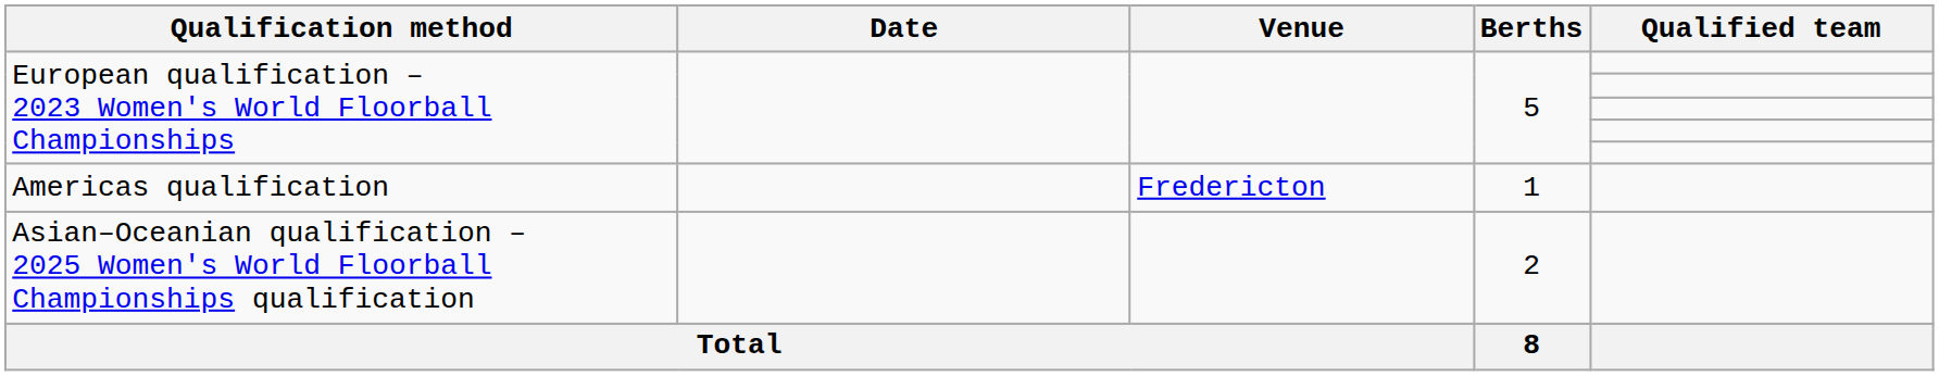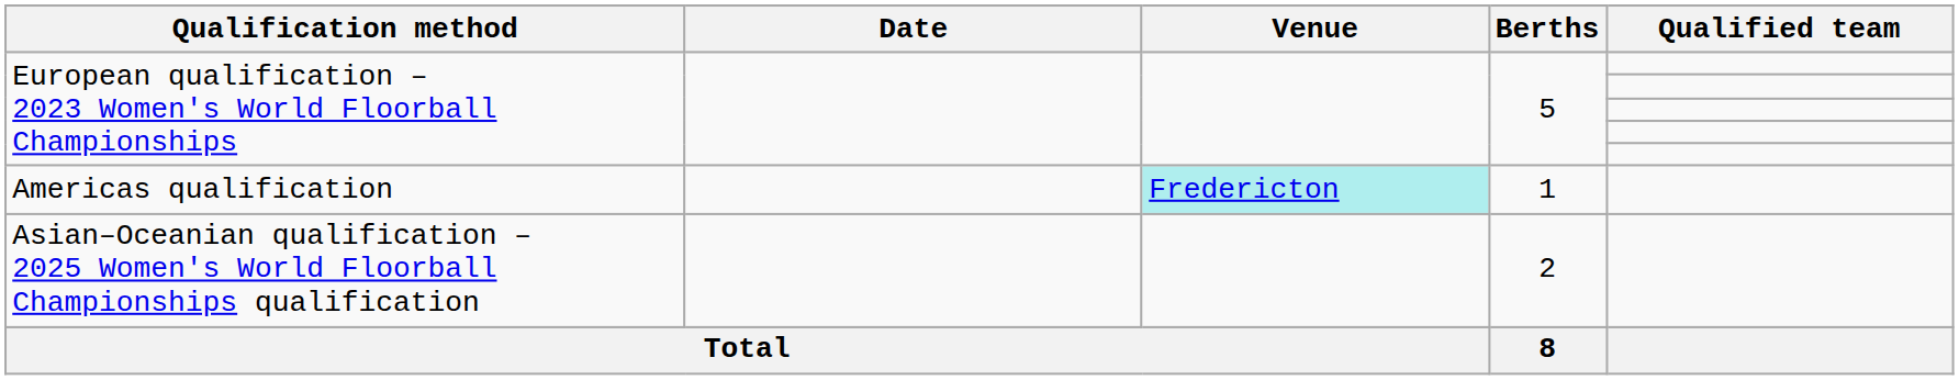 <table class="wikitable">
 <tr>
 <th width=300>Qualification method</th>
 <th width=200>Date</th>
 <th width=150>Venue</th>
 <th>Berths</th>
 <th width=150>Qualified team</th>
 </tr>
 <tr>
 <td rowspan="5">European qualification –<br> <a href='#'>2023 Women's World Floorball Championships</a></td>
 <td rowspan="5"></td>
 <td rowspan="5"></td>
 <td rowspan="5" style="text-align:center;">5</td>
 <td></td>
 </tr>
 <tr>
 <td></td>
 </tr>
 <tr>
 <td></td>
 </tr>
 <tr>
 <td></td>
 </tr>
 <tr>
 <td></td>
 </tr>
 <tr>
 <td>Americas qualification</td>
 <td></td>
-<td> <a href='#'>Fredericton</a></td>
+<td style="background: paleturquoise;"> <a href='#'>Fredericton</a></td>
 <td style="text-align:center;">1</td>
 <td></td>
 </tr>
 <tr>
 <td>Asian–Oceanian qualification –<br> <a href='#'>2025 Women's World Floorball Championships</a> qualification</td>
 <td></td>
 <td></td>
 <td style="text-align:center;">2</td>
 <td><br></td>
 </tr>
 <tr>
 <th colspan="3">Total</th>
 <th>8</th>
 <th></th>
 </tr>
 </table>
